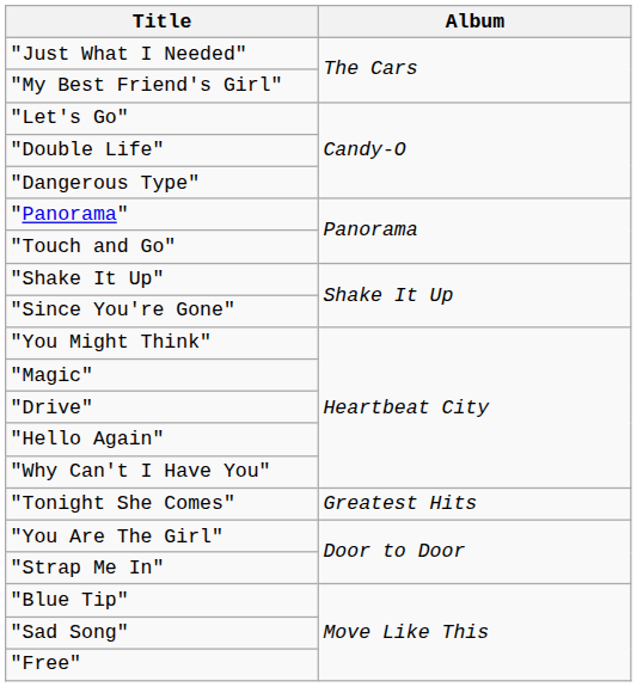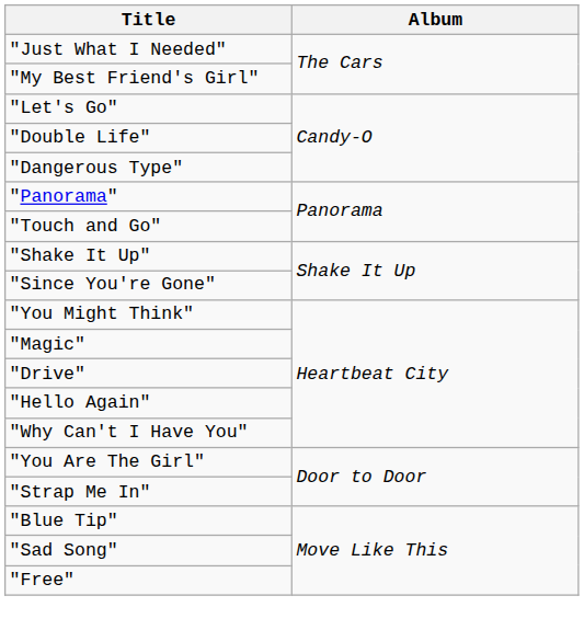 <table class="wikitable">
 <tr>
 <th style="width:200px;">Title</th>
 <th style="width:200px;">Album</th>
 </tr>
 <tr>
 <td>"Just What I Needed"</td>
 <td rowspan=2><em>The Cars</em></td>
 </tr>
 <tr>
 <td>"My Best Friend's Girl"</td>
 </tr>
 <tr>
 <td>"Let's Go"</td>
 <td rowspan=3><em>Candy-O</em></td>
 </tr>
 <tr>
 <td>"Double Life"</td>
 </tr>
 <tr>
 <td>"Dangerous Type"</td>
 </tr>
 <tr>
 <td>"<a href='#'>Panorama</a>"</td>
 <td rowspan=2><em>Panorama</em></td>
 </tr>
 <tr>
 <td>"Touch and Go"</td>
 </tr>
 <tr>
 <td>"Shake It Up"</td>
 <td rowspan=2><em>Shake It Up</em></td>
 </tr>
 <tr>
 <td>"Since You're Gone"</td>
 </tr>
 <tr>
 <td>"You Might Think"</td>
 <td rowspan=5><em>Heartbeat City</em></td>
 </tr>
 <tr>
 <td>"Magic"</td>
 </tr>
 <tr>
 <td>"Drive"</td>
 </tr>
 <tr>
 <td>"Hello Again"</td>
 </tr>
 <tr>
 <td>"Why Can't I Have You"</td>
 </tr>
 <tr>
-<td>"Tonight She Comes"</td>
-<td><em>Greatest Hits</em></td>
-</tr>
-<tr>
 <td>"You Are The Girl"</td>
 <td rowspan=2><em>Door to Door</em></td>
 </tr>
 <tr>
 <td>"Strap Me In"</td>
 </tr>
 <tr>
 <td>"Blue Tip"</td>
 <td rowspan=3><em>Move Like This</em></td>
 </tr>
 <tr>
 <td>"Sad Song"</td>
 </tr>
 <tr>
 <td>"Free"</td>
 </tr>
 </table>
